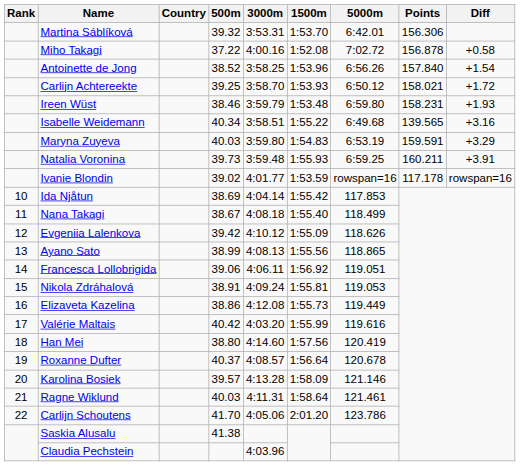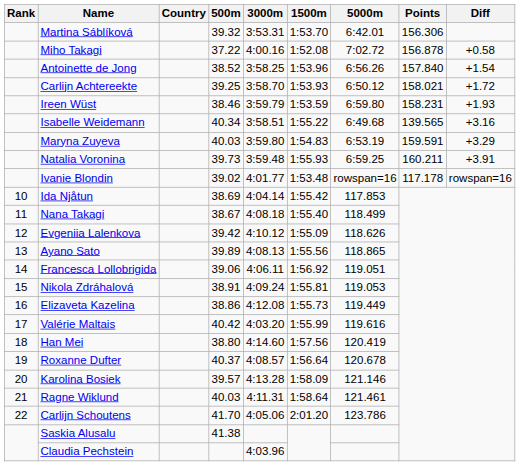 <table class="wikitable sortable" style="text-align:center">
 <tr>
 <th>Rank</th>
 <th>Name</th>
 <th>Country</th>
 <th>500m</th>
 <th>3000m</th>
 <th>1500m</th>
 <th>5000m</th>
 <th>Points</th>
 <th>Diff</th>
 </tr>
 <tr>
 <td></td>
 <td align=left><a href='#'>Martina Sáblíková</a></td>
 <td align=left></td>
 <td>39.32</td>
 <td>3:53.31</td>
 <td>1:53.70</td>
 <td>6:42.01</td>
 <td>156.306</td>
 <td></td>
 </tr>
 <tr>
 <td></td>
 <td align=left><a href='#'>Miho Takagi</a></td>
 <td align=left></td>
 <td>37.22</td>
 <td>4:00.16</td>
 <td>1:52.08</td>
 <td>7:02.72</td>
 <td>156.878</td>
 <td>+0.58</td>
 </tr>
 <tr>
 <td></td>
 <td align=left><a href='#'>Antoinette de Jong</a></td>
 <td align=left></td>
 <td>38.52</td>
 <td>3:58.25</td>
 <td>1:53.96</td>
 <td>6:56.26</td>
 <td>157.840</td>
 <td>+1.54</td>
 </tr>
 <tr>
 <td></td>
 <td align=left><a href='#'>Carlijn Achtereekte</a></td>
 <td align=left></td>
 <td>39.25</td>
 <td>3:58.70</td>
 <td>1:53.93</td>
 <td>6:50.12</td>
 <td>158.021</td>
 <td>+1.72</td>
 </tr>
 <tr>
 <td></td>
 <td align=left><a href='#'>Ireen Wüst</a></td>
 <td align=left></td>
 <td>38.46</td>
 <td>3:59.79</td>
-<td>1:53.48</td>
+<td>1:53.59</td>
 <td>6:59.80</td>
 <td>158.231</td>
 <td>+1.93</td>
 </tr>
 <tr>
 <td></td>
 <td align=left><a href='#'>Isabelle Weidemann</a></td>
 <td align=left></td>
 <td>40.34</td>
 <td>3:58.51</td>
 <td>1:55.22</td>
 <td>6:49.68</td>
 <td>139.565</td>
 <td>+3.16</td>
 </tr>
 <tr>
 <td></td>
 <td align=left><a href='#'>Maryna Zuyeva</a></td>
 <td align=left></td>
 <td>40.03</td>
 <td>3:59.80</td>
 <td>1:54.83</td>
 <td>6:53.19</td>
 <td>159.591</td>
 <td>+3.29</td>
 </tr>
 <tr>
 <td></td>
 <td align=left><a href='#'>Natalia Voronina</a></td>
 <td align=left></td>
 <td>39.73</td>
 <td>3:59.48</td>
 <td>1:55.93</td>
 <td>6:59.25</td>
 <td>160.211</td>
 <td>+3.91</td>
 </tr>
 <tr>
 <td></td>
 <td align=left><a href='#'>Ivanie Blondin</a></td>
 <td align=left></td>
 <td>39.02</td>
 <td>4:01.77</td>
-<td>1:53.59</td>
+<td>1:53.48</td>
 <td>rowspan=16 </td>
 <td>117.178</td>
 <td>rowspan=16 </td>
 </tr>
 <tr>
 <td>10</td>
 <td align=left><a href='#'>Ida Njåtun</a></td>
 <td align=left></td>
 <td>38.69</td>
 <td>4:04.14</td>
 <td>1:55.42</td>
 <td>117.853</td>
 </tr>
 <tr>
 <td>11</td>
 <td align=left><a href='#'>Nana Takagi</a></td>
 <td align=left></td>
 <td>38.67</td>
 <td>4:08.18</td>
 <td>1:55.40</td>
 <td>118.499</td>
 </tr>
 <tr>
 <td>12</td>
 <td align=left><a href='#'>Evgeniia Lalenkova</a></td>
 <td align=left></td>
 <td>39.42</td>
 <td>4:10.12</td>
 <td>1:55.09</td>
 <td>118.626</td>
 </tr>
 <tr>
 <td>13</td>
 <td align=left><a href='#'>Ayano Sato</a></td>
 <td align=left></td>
-<td>38.99</td>
+<td>39.89</td>
 <td>4:08.13</td>
 <td>1:55.56</td>
 <td>118.865</td>
 </tr>
 <tr>
 <td>14</td>
 <td align=left><a href='#'>Francesca Lollobrigida</a></td>
 <td align=left></td>
 <td>39.06</td>
 <td>4:06.11</td>
 <td>1:56.92</td>
 <td>119.051</td>
 </tr>
 <tr>
 <td>15</td>
 <td align=left><a href='#'>Nikola Zdráhalová</a></td>
 <td align=left></td>
 <td>38.91</td>
 <td>4:09.24</td>
 <td>1:55.81</td>
 <td>119.053</td>
 </tr>
 <tr>
 <td>16</td>
 <td align=left><a href='#'>Elizaveta Kazelina</a></td>
 <td align=left></td>
 <td>38.86</td>
 <td>4:12.08</td>
 <td>1:55.73</td>
 <td>119.449</td>
 </tr>
 <tr>
 <td>17</td>
 <td align=left><a href='#'>Valérie Maltais</a></td>
 <td align=left></td>
 <td>40.42</td>
 <td>4:03.20</td>
 <td>1:55.99</td>
 <td>119.616</td>
 </tr>
 <tr>
 <td>18</td>
 <td align=left><a href='#'>Han Mei</a></td>
 <td align=left></td>
 <td>38.80</td>
 <td>4:14.60</td>
 <td>1:57.56</td>
 <td>120.419</td>
 </tr>
 <tr>
 <td>19</td>
 <td align=left><a href='#'>Roxanne Dufter</a></td>
 <td align=left></td>
 <td>40.37</td>
 <td>4:08.57</td>
 <td>1:56.64</td>
 <td>120.678</td>
 </tr>
 <tr>
 <td>20</td>
 <td align=left><a href='#'>Karolina Bosiek</a></td>
 <td align=left></td>
 <td>39.57</td>
 <td>4:13.28</td>
 <td>1:58.09</td>
 <td>121.146</td>
 </tr>
 <tr>
 <td>21</td>
 <td align=left><a href='#'>Ragne Wiklund</a></td>
 <td align=left></td>
 <td>40.03</td>
 <td>4:11.31</td>
 <td>1:58.64</td>
 <td>121.461</td>
 </tr>
 <tr>
 <td>22</td>
 <td align=left><a href='#'>Carlijn Schoutens</a></td>
 <td align=left></td>
 <td>41.70</td>
 <td>4:05.06</td>
 <td>2:01.20</td>
 <td>123.786</td>
 </tr>
 <tr>
 <td rowspan=2></td>
 <td align=left><a href='#'>Saskia Alusalu</a></td>
 <td align=left></td>
 <td>41.38</td>
 <td></td>
 <td rowspan=2></td>
 <td></td>
 </tr>
 <tr>
 <td align=left><a href='#'>Claudia Pechstein</a></td>
 <td align=left></td>
 <td></td>
 <td>4:03.96</td>
 <td></td>
 </tr>
 </table>
